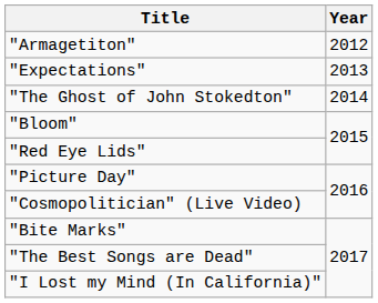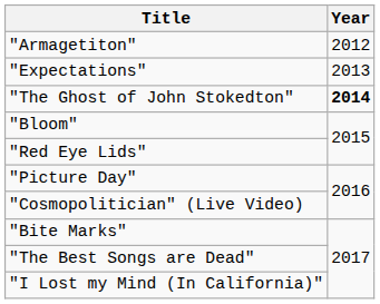 <table class="wikitable plainrowheaders">
 <tr>
 <th>Title</th>
 <th>Year</th>
 </tr>
 <tr>
 <td scope="row">"Armagetiton"</td>
 <td>2012</td>
 </tr>
 <tr>
 <td scope="row">"Expectations"</td>
 <td>2013</td>
 </tr>
 <tr>
 <td scope"row">"The Ghost of John Stokedton"</td>
-<td>2014</td>
+<td><strong>2014</strong></td>
 </tr>
 <tr>
 <td scope"row">"Bloom"</td>
 <td rowspan=2>2015</td>
 </tr>
 <tr>
 <td scope"row">"Red Eye Lids"</td>
 </tr>
 <tr>
 <td scope"row">"Picture Day"</td>
 <td rowspan=2>2016</td>
 </tr>
 <tr>
 <td scope"row">"Cosmopolitician" (Live Video)</td>
 </tr>
 <tr>
 <td scope"row">"Bite Marks"</td>
 <td rowspan=3>2017</td>
 </tr>
 <tr>
 <td scope"row">"The Best Songs are Dead"</td>
 </tr>
 <tr>
 <td scope"row">"I Lost my Mind (In California)"</td>
 </tr>
 </table>
